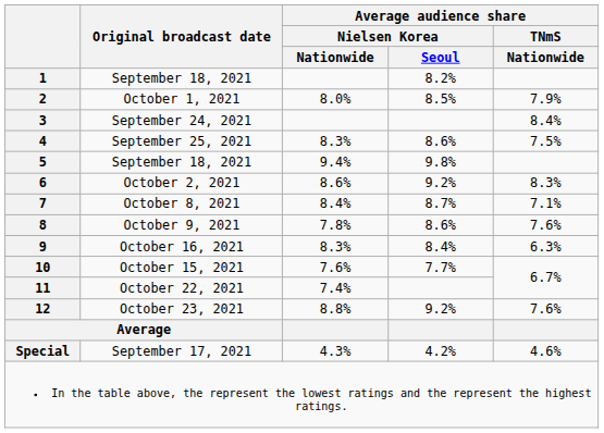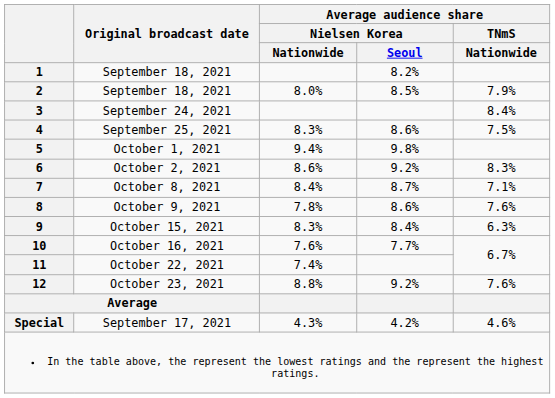 <table class="wikitable" style="text-align:center; max-width:600px; margin-left: auto; margin-right: auto; border: none;">
 <tr>
 <th rowspan="3"></th>
 <th rowspan="3">Original broadcast date</th>
 <th colspan="3">Average audience share</th>
 </tr>
 <tr>
 <th colspan="2">Nielsen Korea</th>
 <th>TNmS</th>
 </tr>
 <tr>
 <th width="100">Nationwide</th>
 <th width="100"><a href='#'>Seoul</a></th>
 <th width="100">Nationwide</th>
 </tr>
 <tr>
 <th>1</th>
 <td>September 18, 2021</td>
 <td><strong></strong> </td>
 <td>8.2% </td>
 <td><strong></strong> </td>
 </tr>
 <tr>
 <th>2</th>
-<td>October 1, 2021</td>
+<td>September 18, 2021</td>
 <td>8.0% </td>
 <td>8.5% </td>
 <td>7.9% </td>
 </tr>
 <tr>
 <th>3</th>
 <td>September 24, 2021</td>
 <td><strong></strong> </td>
 <td><strong></strong> </td>
 <td>8.4% </td>
 </tr>
 <tr>
 <th>4</th>
 <td>September 25, 2021</td>
 <td>8.3% </td>
 <td>8.6% </td>
 <td>7.5% </td>
 </tr>
 <tr>
 <th>5</th>
-<td>September 18, 2021</td>
+<td>October 1, 2021</td>
 <td>9.4% </td>
 <td>9.8% </td>
 <td><strong></strong> </td>
 </tr>
 <tr>
 <th>6</th>
 <td>October 2, 2021</td>
 <td>8.6% </td>
 <td>9.2% </td>
 <td>8.3%</td>
 </tr>
 <tr>
 <th>7</th>
 <td>October 8, 2021</td>
 <td>8.4% </td>
 <td>8.7% </td>
 <td>7.1%</td>
 </tr>
 <tr>
 <th>8</th>
 <td>October 9, 2021</td>
 <td>7.8% </td>
 <td>8.6% </td>
 <td>7.6%</td>
 </tr>
 <tr>
 <th>9</th>
-<td>October 16, 2021</td>
+<td>October 15, 2021</td>
 <td>8.3% </td>
 <td>8.4% </td>
 <td>6.3%</td>
 </tr>
 <tr>
 <th>10</th>
-<td>October 15, 2021</td>
+<td>October 16, 2021</td>
 <td>7.6% </td>
 <td>7.7% </td>
 <td rowspan="2">6.7%</td>
 </tr>
 <tr>
 <th>11</th>
 <td>October 22, 2021</td>
 <td>7.4% </td>
 <td><strong></strong> </td>
 </tr>
 <tr>
 <th>12</th>
 <td>October 23, 2021</td>
 <td>8.8% </td>
 <td>9.2% </td>
 <td>7.6% </td>
 </tr>
 <tr>
 <th colspan="2">Average</th>
 <th></th>
 <th></th>
 <th></th>
 </tr>
 <tr>
 <th>Special</th>
 <td>September 17, 2021</td>
 <td>4.3% </td>
 <td>4.2% </td>
 <td>4.6% </td>
 </tr>
 <tr>
 <td colspan="5" style="font-size:85%"><br><ul><li>In the table above, the <strong></strong> represent the lowest ratings and the <strong></strong> represent the highest ratings.</li></ul></td>
 </tr>
 </table>
